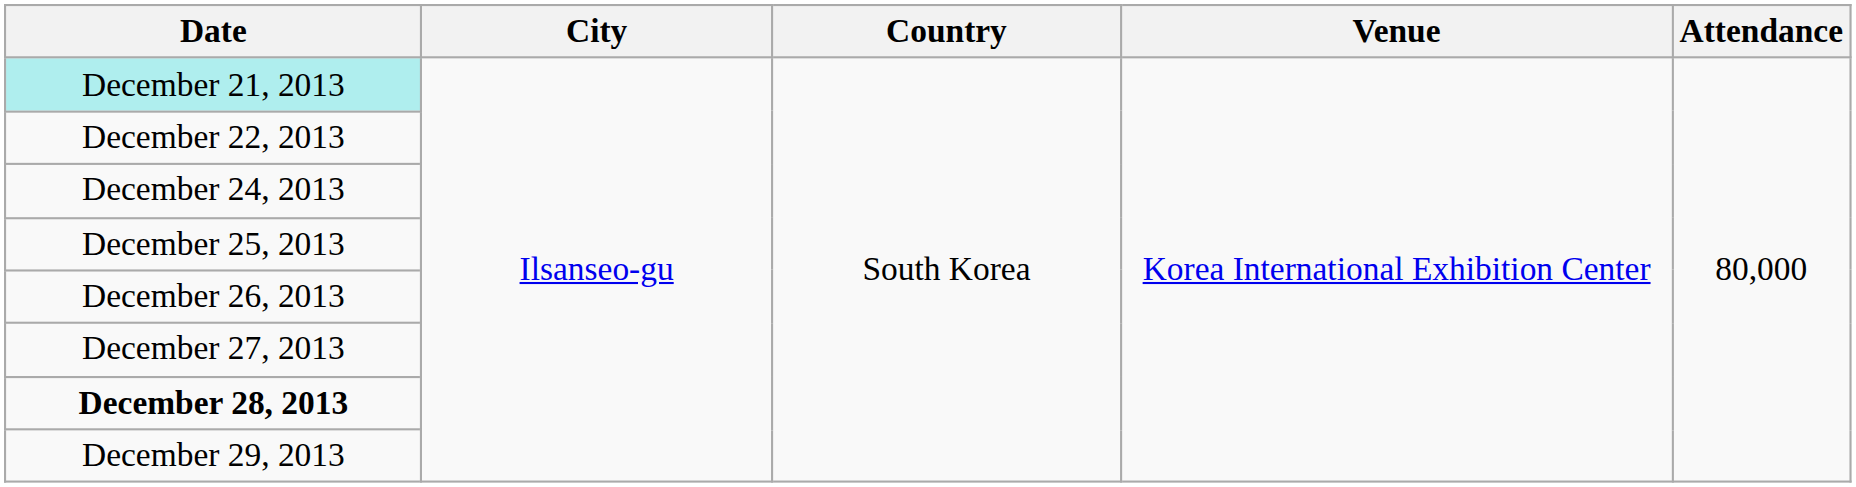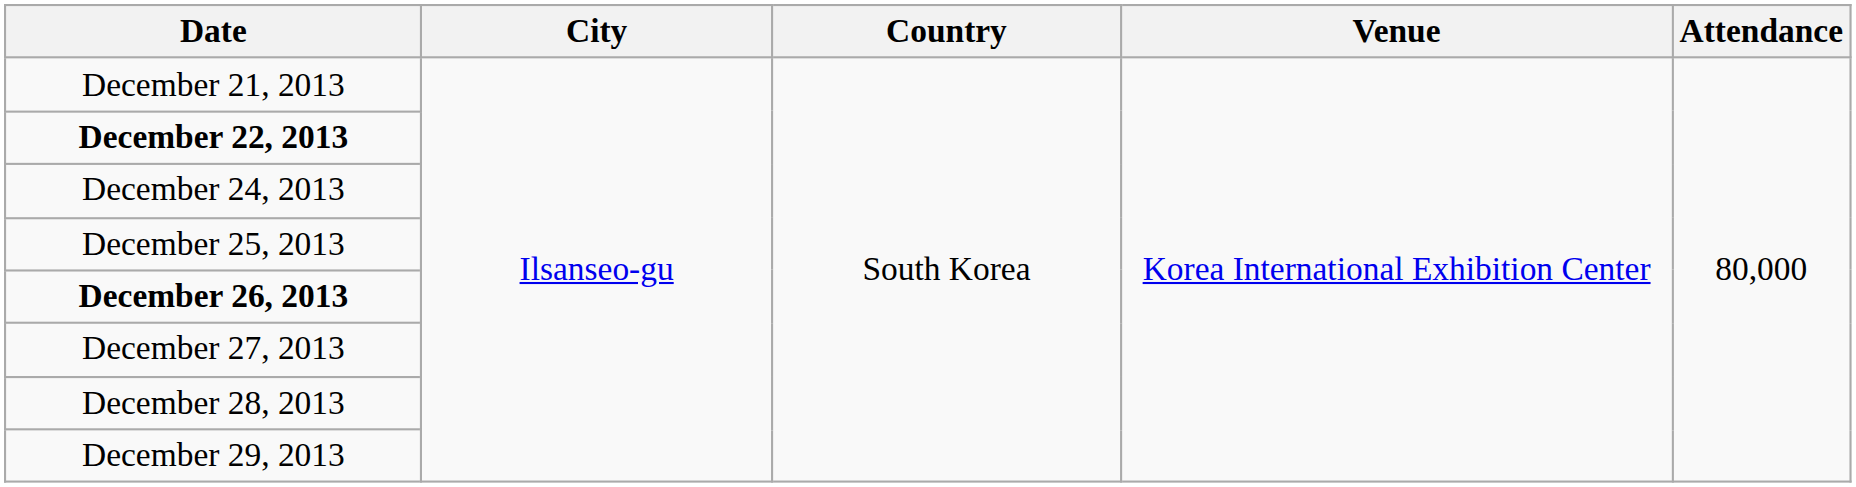 <table class="wikitable plainrowheaders" style="text-align:center;">
 <tr>
 <th scope="col" style="width:12em;">Date</th>
 <th scope="col" style="width:10em;">City</th>
 <th scope="col" style="width:10em;">Country</th>
 <th scope="col" style="width:16em;">Venue</th>
 <th scope="col">Attendance</th>
 </tr>
 <tr>
-<td style="background: paleturquoise;">December 21, 2013</td>
+<td>December 21, 2013</td>
 <td rowspan="8"><a href='#'>Ilsanseo-gu</a></td>
 <td rowspan="8">South Korea</td>
 <td rowspan="8"><a href='#'>Korea International Exhibition Center</a></td>
 <td rowspan="8">80,000</td>
 </tr>
 <tr>
-<td>December 22, 2013</td>
+<td><strong>December 22, 2013</strong></td>
 </tr>
 <tr>
 <td>December 24, 2013</td>
 </tr>
 <tr>
 <td>December 25, 2013</td>
 </tr>
 <tr>
-<td>December 26, 2013</td>
+<td><strong>December 26, 2013</strong></td>
 </tr>
 <tr>
 <td>December 27, 2013</td>
 </tr>
 <tr>
-<td><strong>December 28, 2013</strong></td>
+<td>December 28, 2013</td>
 </tr>
 <tr>
 <td>December 29, 2013</td>
 </tr>
 </table>
